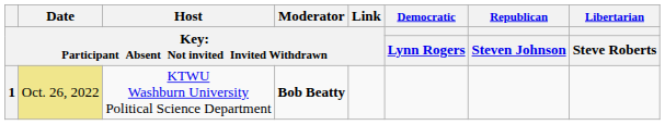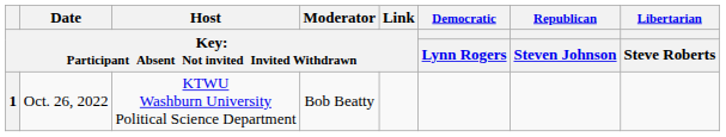 <table class="wikitable" style="text-align:center;">
 <tr>
 <th scope="col"></th>
 <th scope="col">Date</th>
 <th scope="col">Host</th>
 <th scope="col">Moderator</th>
 <th scope="col">Link</th>
 <th scope="col"><small><a href='#'>Democratic</a></small></th>
 <th scope="col"><small><a href='#'>Republican</a></small></th>
 <th scope="col"><small><a href='#'>Libertarian</a></small></th>
 </tr>
 <tr>
 <th colspan="5" rowspan="2">Key:<br> <small>Participant </small>  <small>Absent </small>  <small>Not invited </small>  <small>Invited  Withdrawn</small></th>
 <th scope="col" style="background:"></th>
 <th scope="col" style="background:"></th>
 <th scope="col" style="background:"></th>
 </tr>
 <tr>
 <th scope="col"><a href='#'>Lynn Rogers</a></th>
 <th scope="col"><a href='#'>Steven Johnson</a></th>
 <th scope="col">Steve Roberts</th>
 </tr>
 <tr>
 <th>1</th>
-<td style="background: khaki; white-space:nowrap;">Oct. 26, 2022</td>
+<td style="white-space:nowrap;">Oct. 26, 2022</td>
 <td style="white-space:nowrap;"><a href='#'>KTWU</a><br><a href='#'>Washburn University</a><br>Political Science Department</td>
-<td style="white-space:nowrap;"><strong>Bob Beatty</strong></td>
+<td style="white-space:nowrap;">Bob Beatty</td>
 <td style="white-space:nowrap;"></td>
 <td></td>
 <td></td>
 <td></td>
 </tr>
 </table>
